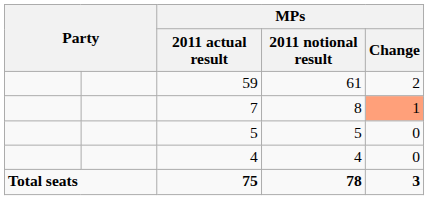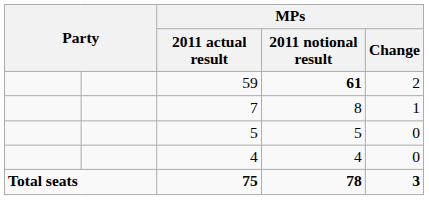 <table class="wikitable" style="text-align:right;">
 <tr>
 <th colspan="2" rowspan="2" class=unsortable style="text-align: center; vertical-align: middle; width: 150px;">Party</th>
 <th colspan="3" style="vertical-align: top;">MPs</th>
 </tr>
 <tr>
 <th data-sort-type=number style="width: 100px;">2011 actual result</th>
 <th data-sort-type=number style="width: 100px;">2011 notional result</th>
 <th data-sort-type=number style="width: 50px;">Change</th>
 </tr>
 <tr>
 <td style="background:"></td>
 <td style="text-align:left"></td>
 <td>59</td>
-<td>61</td>
+<td><strong>61</strong></td>
 <td> 2</td>
 </tr>
 <tr>
 <td style="background:"></td>
 <td style="text-align:left"></td>
 <td>7</td>
 <td>8</td>
-<td style="background: lightsalmon;"> 1</td>
+<td> 1</td>
 </tr>
 <tr>
 <td style="background:"></td>
 <td style="text-align:left"></td>
 <td>5</td>
 <td>5</td>
 <td> 0</td>
 </tr>
 <tr>
 <td style="background:"></td>
 <td style="text-align:left"></td>
 <td>4</td>
 <td>4</td>
 <td> 0</td>
 </tr>
 <tr>
 <td style="text-align: left;" colspan="2"><strong>Total seats</strong></td>
 <td><strong>75</strong></td>
 <td><strong>78</strong></td>
 <td><strong>3</strong> </td>
 </tr>
 </table>
